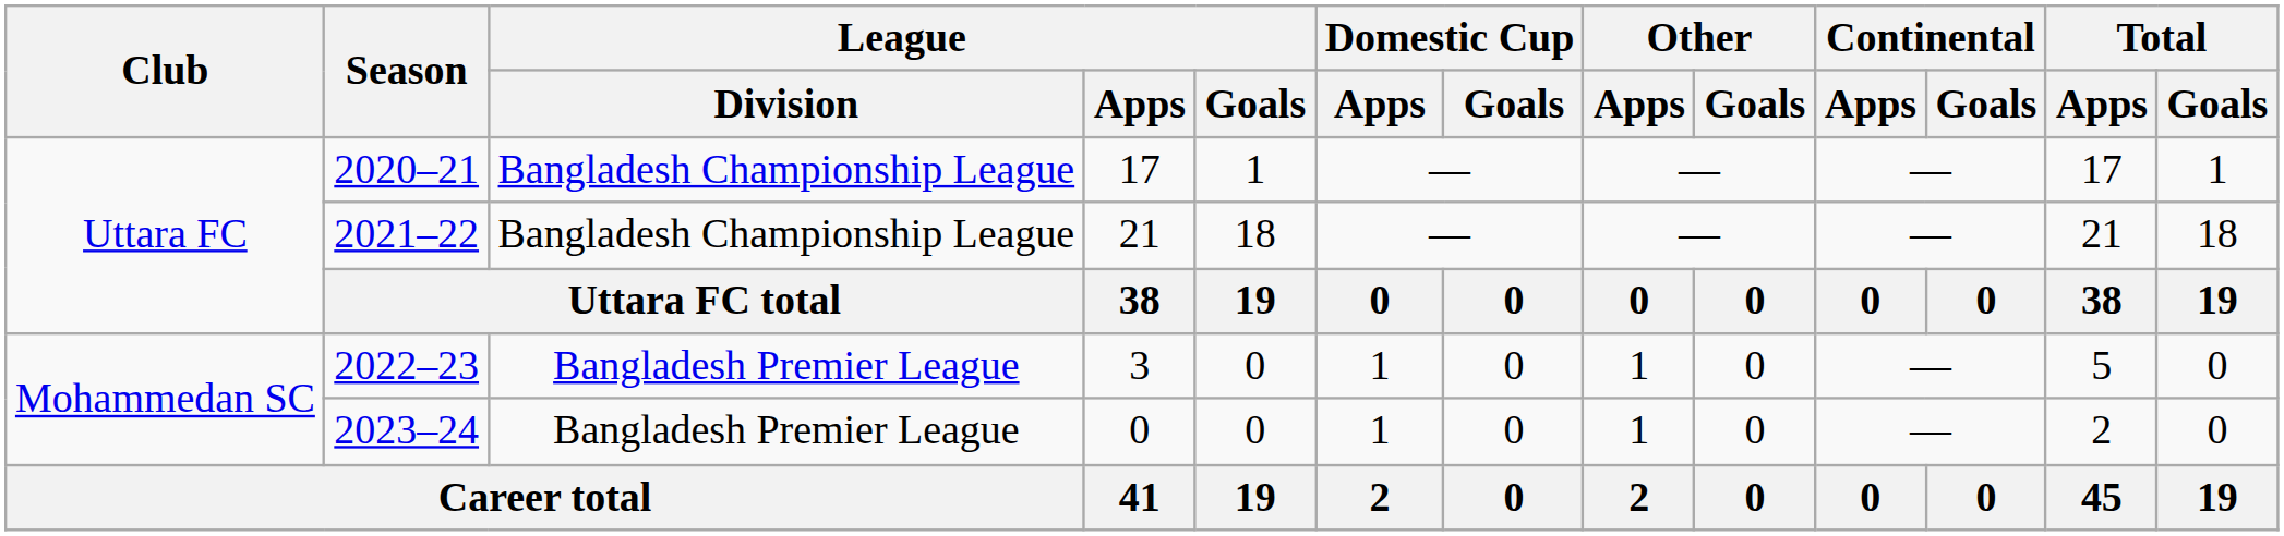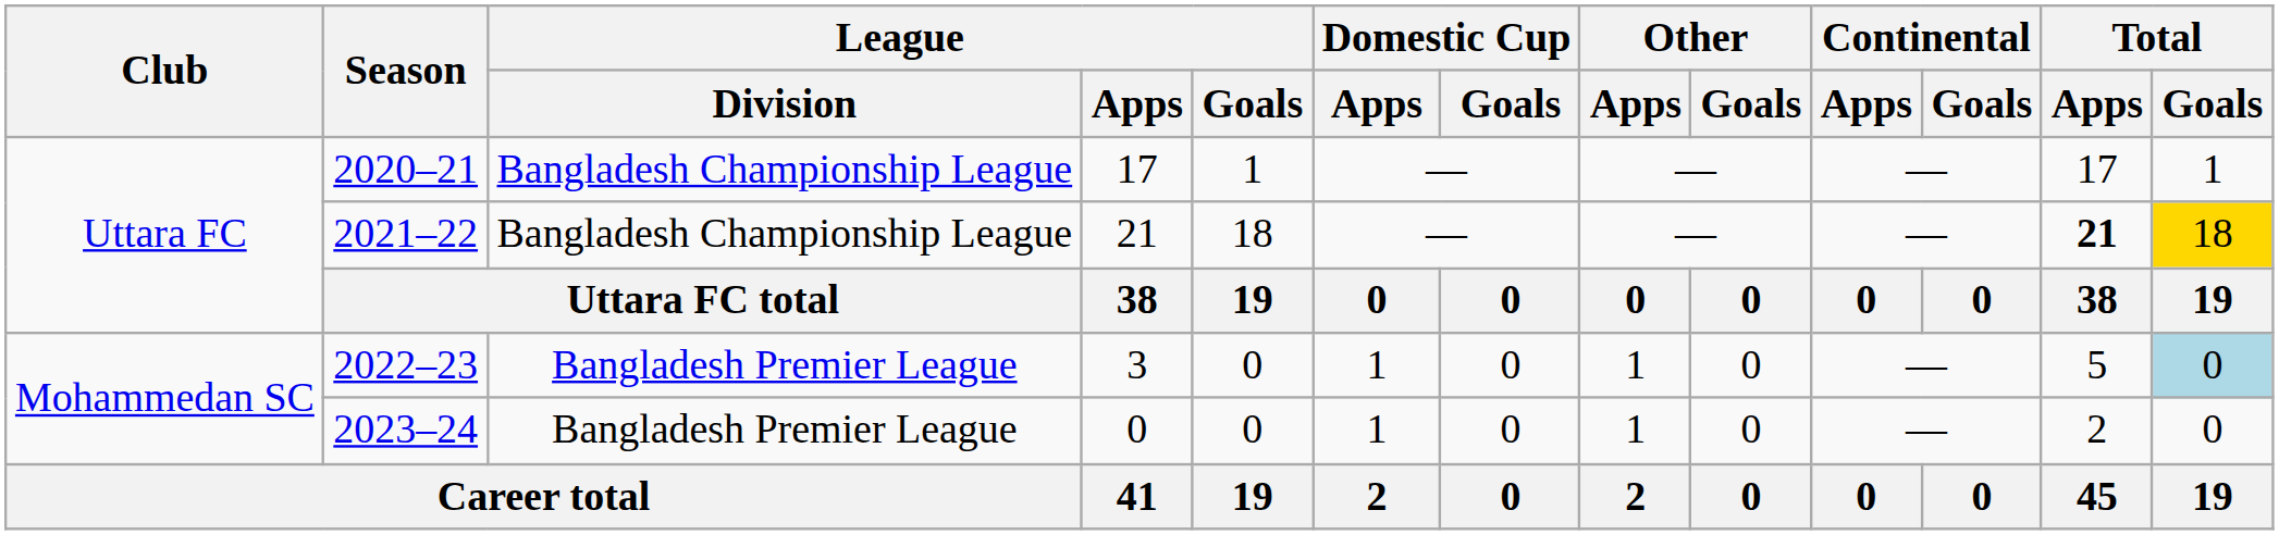 <table class="wikitable" style="text-align:center">
 <tr>
 <th rowspan="2">Club</th>
 <th rowspan="2">Season</th>
 <th colspan="3">League</th>
 <th colspan="2">Domestic Cup</th>
 <th colspan="2">Other</th>
 <th colspan="2">Continental</th>
 <th colspan="2">Total</th>
 </tr>
 <tr>
 <th>Division</th>
 <th>Apps</th>
 <th>Goals</th>
 <th>Apps</th>
 <th>Goals</th>
 <th>Apps</th>
 <th>Goals</th>
 <th>Apps</th>
 <th>Goals</th>
 <th>Apps</th>
 <th>Goals</th>
 </tr>
 <tr>
 <td rowspan=3><a href='#'>Uttara FC</a></td>
 <td><a href='#'>2020–21</a></td>
 <td><a href='#'>Bangladesh Championship League</a></td>
 <td>17</td>
 <td>1</td>
 <td colspan="2">—</td>
 <td colspan="2">—</td>
 <td colspan="2">—</td>
 <td>17</td>
 <td>1</td>
 </tr>
 <tr>
 <td><a href='#'>2021–22</a></td>
 <td>Bangladesh Championship League</td>
 <td>21</td>
 <td>18</td>
 <td colspan="2">—</td>
 <td colspan="2">—</td>
 <td colspan="2">—</td>
-<td>21</td>
-<td>18</td>
+<td><strong>21</strong></td>
+<td style="background: gold;">18</td>
 </tr>
 <tr>
 <th colspan="2"><strong>Uttara FC total</strong></th>
 <th>38</th>
 <th>19</th>
 <th>0</th>
 <th>0</th>
 <th>0</th>
 <th>0</th>
 <th>0</th>
 <th>0</th>
 <th>38</th>
 <th>19</th>
 </tr>
 <tr>
 <td rowspan=2><a href='#'>Mohammedan SC</a></td>
 <td><a href='#'>2022–23</a></td>
 <td><a href='#'>Bangladesh Premier League</a></td>
 <td>3</td>
 <td>0</td>
 <td>1</td>
 <td>0</td>
 <td>1</td>
 <td>0</td>
 <td colspan="2">—</td>
 <td>5</td>
-<td>0</td>
+<td style="background: lightblue;">0</td>
 </tr>
 <tr>
 <td><a href='#'>2023–24</a></td>
 <td>Bangladesh Premier League</td>
 <td>0</td>
 <td>0</td>
 <td>1</td>
 <td>0</td>
 <td>1</td>
 <td>0</td>
 <td colspan="2">—</td>
 <td>2</td>
 <td>0</td>
 </tr>
 <tr>
 <th colspan="3">Career total</th>
 <th>41</th>
 <th>19</th>
 <th>2</th>
 <th>0</th>
 <th>2</th>
 <th>0</th>
 <th>0</th>
 <th>0</th>
 <th>45</th>
 <th>19</th>
 </tr>
 </table>
